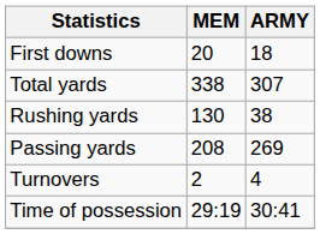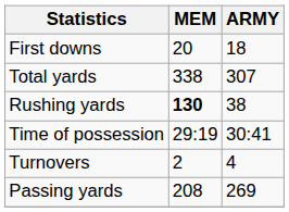 <table class="wikitable" style="float: left;">
 <tr>
 <th>Statistics</th>
 <th>MEM</th>
 <th>ARMY</th>
 </tr>
 <tr>
 <td>First downs</td>
 <td>20</td>
 <td>18</td>
 </tr>
 <tr>
 <td>Total yards</td>
 <td>338</td>
 <td>307</td>
 </tr>
 <tr>
 <td>Rushing yards</td>
-<td>130</td>
+<td><strong>130</strong></td>
 <td>38</td>
+</tr>
+<tr>
+<td>Time of possession</td>
+<td>29:19</td>
+<td>30:41</td>
+</tr>
+<tr>
+<td>Turnovers</td>
+<td>2</td>
+<td>4</td>
 </tr>
 <tr>
 <td>Passing yards</td>
 <td>208</td>
 <td>269</td>
 </tr>
 <tr>
-<td>Turnovers</td>
-<td>2</td>
-<td>4</td>
-</tr>
-<tr>
-<td>Time of possession</td>
-<td>29:19</td>
-<td>30:41</td>
-</tr>
-<tr>
 </tr>
 </table>
